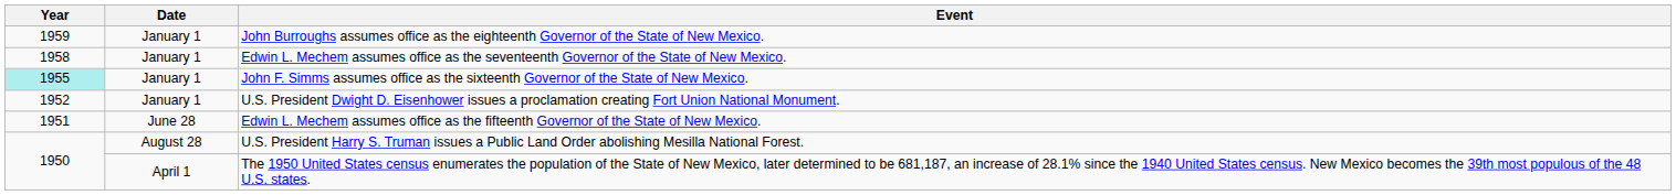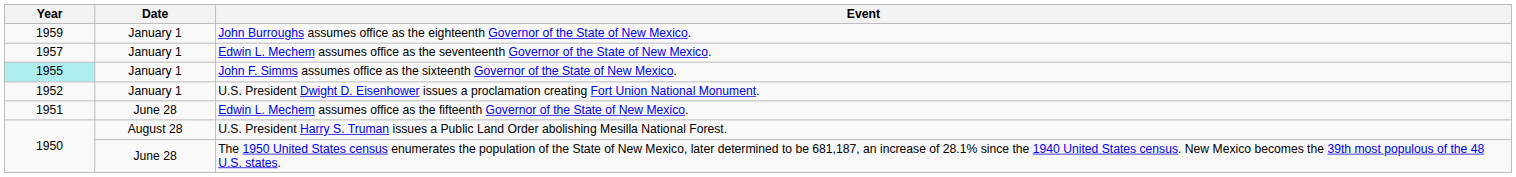 <table class="wikitable" style="width:100%;">
 <tr>
 <th style="width:6%">Year</th>
 <th style="width:8%">Date</th>
 <th style="width:86%">Event</th>
 </tr>
 <tr>
 <td align=center rowspan=1>1959</td>
 <td align=center>January 1</td>
 <td><a href='#'>John Burroughs</a> assumes office as the eighteenth <a href='#'>Governor of the State of New Mexico</a>.</td>
 </tr>
 <tr>
-<td align=center rowspan=1>1958</td>
+<td align=center rowspan=1>1957</td>
 <td align=center>January 1</td>
 <td><a href='#'>Edwin L. Mechem</a> assumes office as the seventeenth <a href='#'>Governor of the State of New Mexico</a>.</td>
 </tr>
 <tr>
 <td align=center rowspan=1 style="background: paleturquoise;">1955</td>
 <td align=center>January 1</td>
 <td><a href='#'>John F. Simms</a> assumes office as the sixteenth <a href='#'>Governor of the State of New Mexico</a>.</td>
 </tr>
 <tr>
 <td align=center rowspan=1>1952</td>
 <td align=center>January 1</td>
 <td>U.S. President <a href='#'>Dwight D. Eisenhower</a> issues a proclamation creating <a href='#'>Fort Union National Monument</a>.</td>
 </tr>
 <tr>
 <td align=center rowspan=1>1951</td>
 <td align=center>June 28</td>
 <td><a href='#'>Edwin L. Mechem</a> assumes office as the fifteenth <a href='#'>Governor of the State of New Mexico</a>.</td>
 </tr>
 <tr>
 <td align=center rowspan=2>1950</td>
 <td align=center>August 28</td>
 <td>U.S. President <a href='#'>Harry S. Truman</a> issues a Public Land Order abolishing Mesilla National Forest.</td>
 </tr>
 <tr>
-<td align=center>April 1</td>
+<td align=center>June 28</td>
 <td>The <a href='#'>1950 United States census</a> enumerates the population of the State of New Mexico, later determined to be 681,187, an increase of 28.1% since the <a href='#'>1940 United States census</a>. New Mexico becomes the <a href='#'>39th most populous of the 48 U.S. states</a>.</td>
 </tr>
 </table>
